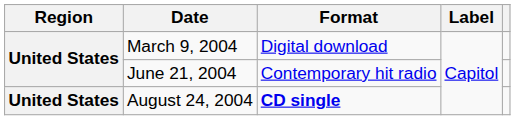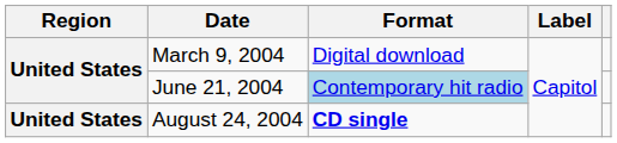 <table class="wikitable plainrowheaders">
 <tr>
 <th scope="col">Region</th>
 <th scope="col">Date</th>
 <th scope="col">Format</th>
 <th scope="col">Label</th>
 <th scope="col"></th>
 </tr>
 <tr>
 <th scope="row" rowspan="2">United States</th>
 <td>March 9, 2004</td>
 <td><a href='#'>Digital download</a></td>
 <td rowspan="3"><a href='#'>Capitol</a></td>
 <td></td>
 </tr>
 <tr>
 <td>June 21, 2004</td>
-<td><a href='#'>Contemporary hit radio</a></td>
+<td style="background: lightblue;"><a href='#'>Contemporary hit radio</a></td>
 <td></td>
 </tr>
 <tr>
 <th scope="row">United States</th>
 <td>August 24, 2004</td>
 <td><strong><a href='#'>CD single</a></strong></td>
 <td></td>
 </tr>
 </table>
